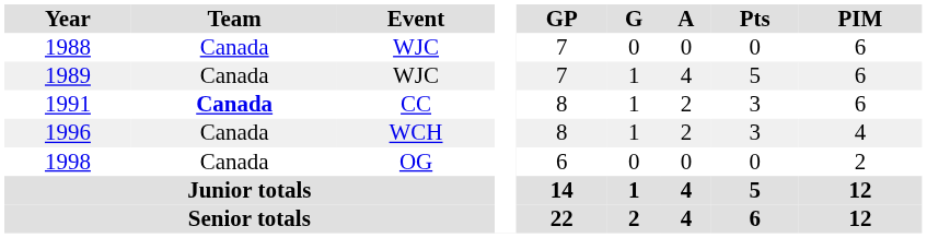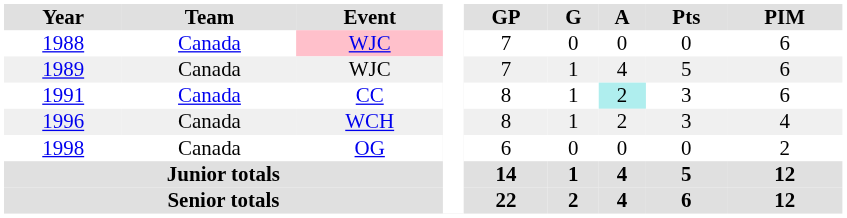 <table border="0" cellpadding="1" cellspacing="0" style="text-align:center; width:40em">
 <tr ALIGN="center" bgcolor="#e0e0e0">
 <th>Year</th>
 <th>Team</th>
 <th>Event</th>
 <th rowspan="99" bgcolor="#ffffff"> </th>
 <th>GP</th>
 <th>G</th>
 <th>A</th>
 <th>Pts</th>
 <th>PIM</th>
 </tr>
 <tr>
 <td><a href='#'>1988</a></td>
 <td><a href='#'>Canada</a></td>
-<td><a href='#'>WJC</a></td>
+<td style="background: pink;"><a href='#'>WJC</a></td>
 <td>7</td>
 <td>0</td>
 <td>0</td>
 <td>0</td>
 <td>6</td>
 </tr>
 <tr bgcolor="#f0f0f0">
 <td><a href='#'>1989</a></td>
 <td>Canada</td>
 <td>WJC</td>
 <td>7</td>
 <td>1</td>
 <td>4</td>
 <td>5</td>
 <td>6</td>
 </tr>
 <tr>
 <td><a href='#'>1991</a></td>
-<td><strong><a href='#'>Canada</a></strong></td>
+<td><a href='#'>Canada</a></td>
 <td><a href='#'>CC</a></td>
 <td>8</td>
 <td>1</td>
-<td>2</td>
+<td style="background: paleturquoise;">2</td>
 <td>3</td>
 <td>6</td>
 </tr>
 <tr bgcolor="#f0f0f0">
 <td><a href='#'>1996</a></td>
 <td>Canada</td>
 <td><a href='#'>WCH</a></td>
 <td>8</td>
 <td>1</td>
 <td>2</td>
 <td>3</td>
 <td>4</td>
 </tr>
 <tr>
 <td><a href='#'>1998</a></td>
 <td>Canada</td>
 <td><a href='#'>OG</a></td>
 <td>6</td>
 <td>0</td>
 <td>0</td>
 <td>0</td>
 <td>2</td>
 </tr>
 <tr bgcolor="#e0e0e0">
 <th colspan=3>Junior totals</th>
 <th>14</th>
 <th>1</th>
 <th>4</th>
 <th>5</th>
 <th>12</th>
 </tr>
 <tr bgcolor="#e0e0e0">
 <th colspan=3>Senior totals</th>
 <th>22</th>
 <th>2</th>
 <th>4</th>
 <th>6</th>
 <th>12</th>
 </tr>
 </table>
